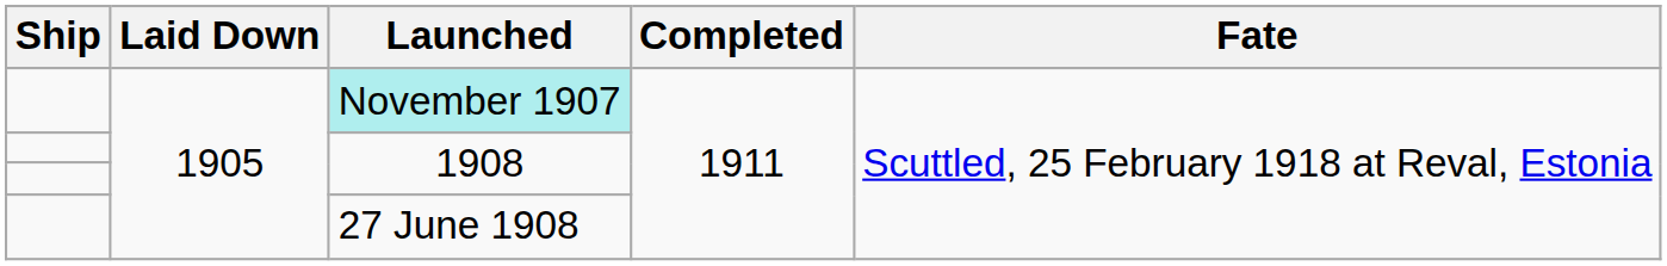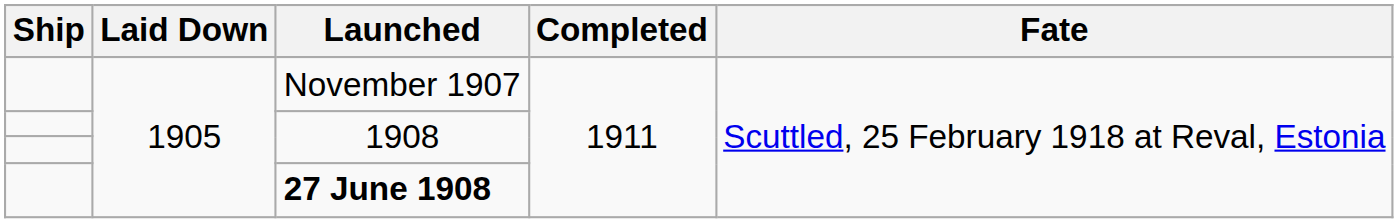 <table class="wikitable" border="1">
 <tr>
 <th>Ship</th>
 <th>Laid Down</th>
 <th>Launched</th>
 <th>Completed</th>
 <th>Fate</th>
 </tr>
 <tr>
 <td></td>
 <td align=center rowspan=4>1905</td>
-<td style="background: paleturquoise;">November 1907</td>
+<td>November 1907</td>
 <td align=center rowspan=4>1911</td>
 <td align=center rowspan=4><a href='#'>Scuttled</a>, 25 February 1918 at Reval, <a href='#'>Estonia</a></td>
 </tr>
 <tr>
 <td></td>
 <td align=center rowspan=2>1908</td>
 </tr>
 <tr>
 <td></td>
 </tr>
 <tr>
 <td></td>
-<td>27 June 1908</td>
+<td><strong>27 June 1908</strong></td>
 </tr>
 </table>
